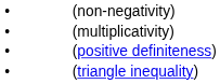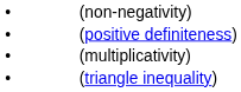 <table>
 <tr>
 <td style="width:1.1em"></td>
 <td style="width:.8em">•</td>
 <td></td>
 <td style="width:3em"></td>
 <td>(non-negativity)</td>
 </tr>
 <tr>
 <td></td>
 <td>•</td>
 <td></td>
 <td></td>
-<td>(multiplicativity)</td>
+<td>(<a href='#'>positive definiteness</a>)</td>
 </tr>
 <tr>
 <td></td>
 <td>•</td>
 <td></td>
 <td></td>
-<td>(<a href='#'>positive definiteness</a>)</td>
+<td>(multiplicativity)</td>
 </tr>
 <tr>
 <td></td>
 <td>•</td>
 <td></td>
 <td></td>
 <td>(<a href='#'>triangle inequality</a>)</td>
 </tr>
 </table>
